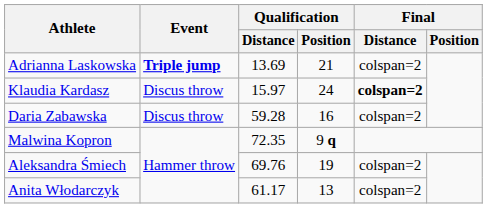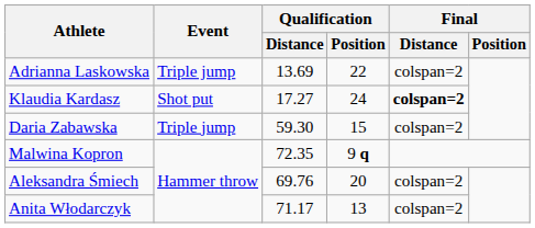 <table class=wikitable style=font-size:90%>
 <tr>
 <th rowspan=2>Athlete</th>
 <th rowspan=2>Event</th>
 <th colspan=2>Qualification</th>
 <th colspan=2>Final</th>
 </tr>
 <tr style=font-size:95%>
 <th>Distance</th>
 <th>Position</th>
 <th>Distance</th>
 <th>Position</th>
 </tr>
 <tr align=center>
 <td align=left><a href='#'>Adrianna Laskowska</a></td>
-<td align=left><strong><a href='#'>Triple jump</a></strong></td>
+<td align=left><a href='#'>Triple jump</a></td>
 <td>13.69</td>
-<td>21</td>
+<td>22</td>
 <td>colspan=2 </td>
 </tr>
 <tr align=center>
 <td align=left><a href='#'>Klaudia Kardasz</a></td>
-<td align=left><a href='#'>Discus throw</a></td>
-<td>15.97</td>
+<td align=left><a href='#'>Shot put</a></td>
+<td>17.27</td>
 <td>24</td>
 <td><strong>colspan=2 </strong></td>
 </tr>
 <tr align=center>
 <td align=left><a href='#'>Daria Zabawska</a></td>
-<td align=left><a href='#'>Discus throw</a></td>
-<td>59.28</td>
-<td>16</td>
+<td align=left><a href='#'>Triple jump</a></td>
+<td>59.30</td>
+<td>15</td>
 <td>colspan=2 </td>
 </tr>
 <tr align=center>
 <td align=left><a href='#'>Malwina Kopron</a></td>
 <td align=left rowspan=3><a href='#'>Hammer throw</a></td>
 <td>72.35 </td>
 <td>9 <strong>q</strong></td>
 <td colspan=2></td>
 </tr>
 <tr align=center>
 <td align=left><a href='#'>Aleksandra Śmiech</a></td>
 <td>69.76</td>
-<td>19</td>
+<td>20</td>
 <td>colspan=2 </td>
 </tr>
 <tr align=center>
 <td align=left><a href='#'>Anita Włodarczyk</a></td>
-<td>61.17</td>
+<td>71.17</td>
 <td>13</td>
 <td>colspan=2 </td>
 </tr>
 </table>
